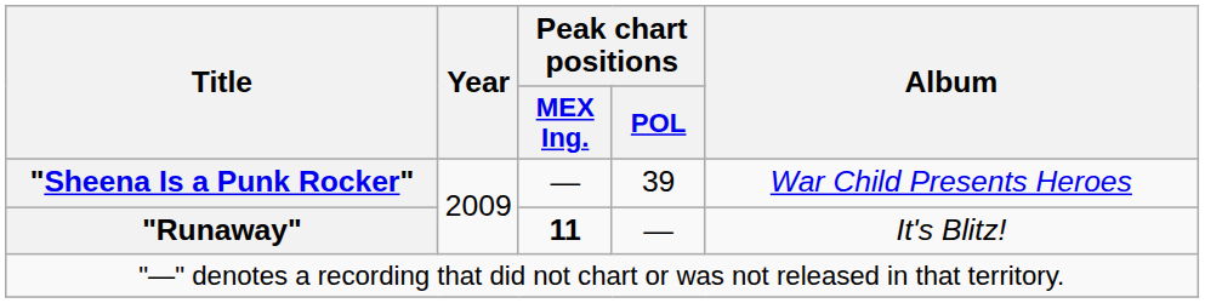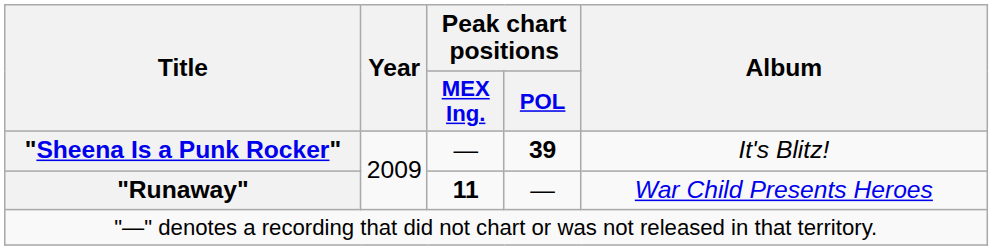 <table class="wikitable plainrowheaders" style="text-align:center;">
 <tr>
 <th scope="col" rowspan="2" style="width:14em;">Title</th>
 <th scope="col" rowspan="2" style="width:1em;">Year</th>
 <th scope="col" colspan="2">Peak chart positions</th>
 <th scope="col" rowspan="2" style="width:16em;">Album</th>
 </tr>
 <tr>
 <th scope="col" style="width:3em;font-size:90%;"><a href='#'>MEX<br>Ing.</a><br></th>
 <th scope="col" style="width:3em;font-size:90%;"><a href='#'>POL</a><br></th>
 </tr>
 <tr>
 <th scope="row">"<a href='#'>Sheena Is a Punk Rocker</a>"</th>
 <td rowspan="2">2009</td>
 <td>—</td>
-<td>39</td>
-<td><em><a href='#'>War Child Presents Heroes</a></em></td>
+<td><strong>39</strong></td>
+<td><em>It's Blitz!</em></td>
 </tr>
 <tr>
 <th scope="row">"Runaway"</th>
 <td><strong>11</strong></td>
 <td>—</td>
-<td><em>It's Blitz!</em></td>
+<td><em><a href='#'>War Child Presents Heroes</a></em></td>
 </tr>
 <tr>
 <td colspan="14" style="font-size:90%">"—" denotes a recording that did not chart or was not released in that territory.</td>
 </tr>
 </table>
